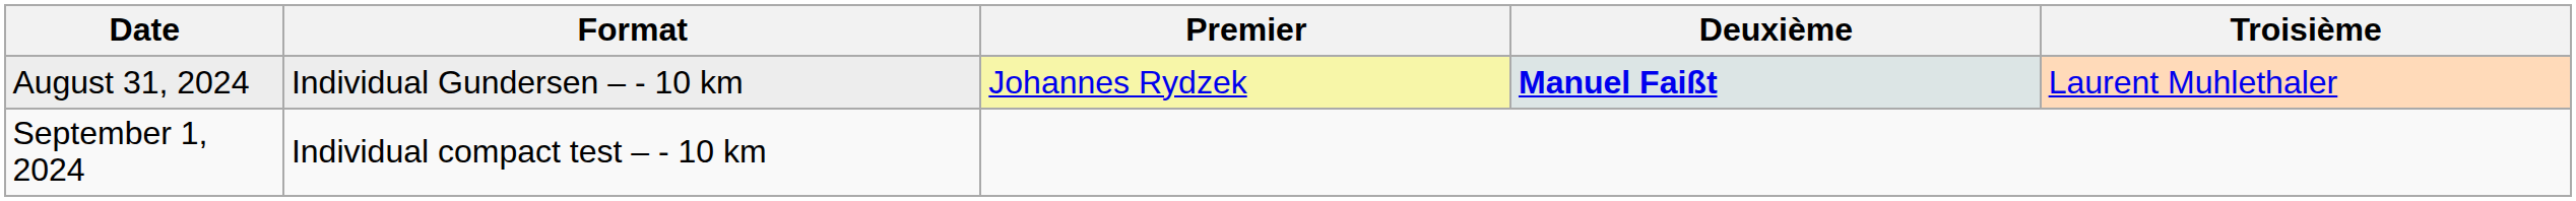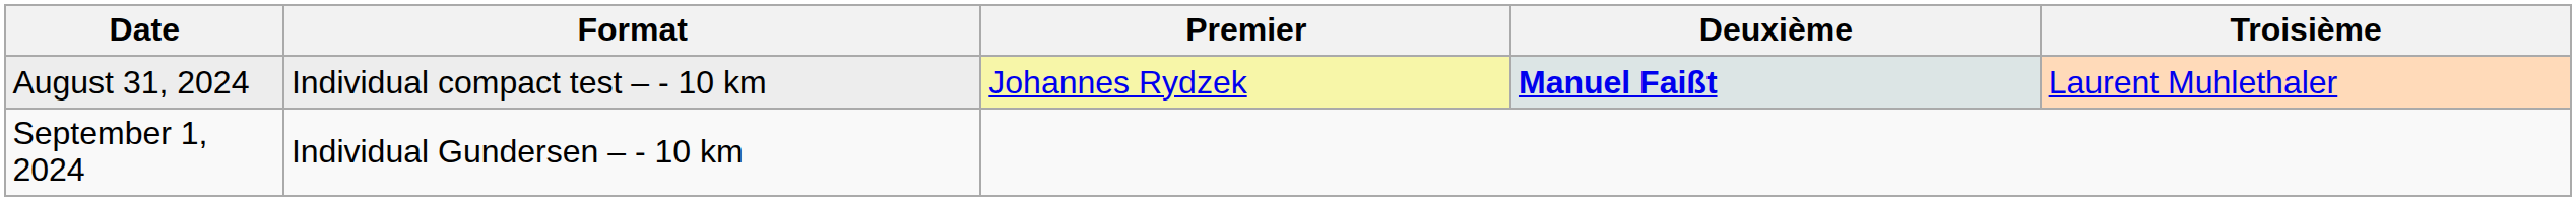 <table class="wikitable sortable" style=" width:100%;">
 <tr>
 <th scope="col" style="width:10%;">Date</th>
 <th scope="col" style="width:25%;">Format</th>
 <th scope="col" style="width:19%;" class="unsortable">Premier</th>
 <th scope="col" style="width:19%;" class="unsortable">Deuxième</th>
 <th scope="col" style="width:19%;" class="unsortable">Troisième</th>
 </tr>
 <tr bgcolor="#EDEDED">
 <td>August 31, 2024</td>
-<td>Individual Gundersen –  - 10 km</td>
+<td>Individual compact test –  - 10 km</td>
 <td bgcolor="#F7F6A8"> <a href='#'>Johannes Rydzek</a></td>
 <td bgcolor="#DCE5E5"><strong> <a href='#'>Manuel Faißt</a></strong></td>
 <td bgcolor="#FFDAB9"> <a href='#'>Laurent Muhlethaler</a></td>
 </tr>
 <tr>
 <td>September 1, 2024</td>
-<td>Individual compact test –  - 10 km</td>
+<td>Individual Gundersen –  - 10 km</td>
 <td colspan="3"></td>
 </tr>
 </table>
